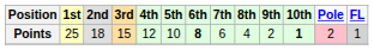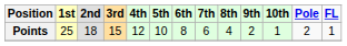 <table class="wikitable" style="font-size:85%; text-align:center">
 <tr>
 <th>Position</th>
 <td style="background:#ffffbf;"><strong>1st</strong></td>
 <td style="background:#dfdfdf;"><strong>2nd</strong></td>
 <td style="background:#ffdf9f;"><strong>3rd</strong></td>
 <td style="background:#dfffdf;"><strong>4th</strong></td>
 <td style="background:#dfffdf;"><strong>5th</strong></td>
 <td style="background:#dfffdf;"><strong>6th</strong></td>
 <td style="background:#dfffdf;"><strong>7th</strong></td>
 <td style="background:#dfffdf;"><strong>8th</strong></td>
 <td style="background:#dfffdf;"><strong>9th</strong></td>
 <td style="background:#dfffdf;"><strong>10th</strong></td>
 <td><strong><a href='#'>Pole</a></strong></td>
 <td><strong><a href='#'>FL</a></strong></td>
 </tr>
 <tr>
 <th>Points</th>
 <td style="background:#ffffbf;">25</td>
 <td style="background:#dfdfdf;">18</td>
 <td style="background:#ffdf9f;">15</td>
 <td style="background:#dfffdf;">12</td>
 <td style="background:#dfffdf;">10</td>
-<td style="background:#dfffdf;"><strong>8</strong></td>
+<td style="background:#dfffdf;">8</td>
 <td style="background:#dfffdf;">6</td>
 <td style="background:#dfffdf;">4</td>
 <td style="background:#dfffdf;">2</td>
-<td style="background:#dfffdf;"><strong>1</strong></td>
-<td style="background: pink;">2</td>
-<td style="background: lightgrey;">1</td>
+<td style="background:#dfffdf;">1</td>
+<td>2</td>
+<td>1</td>
 </tr>
 <tr>
 </tr>
 </table>
